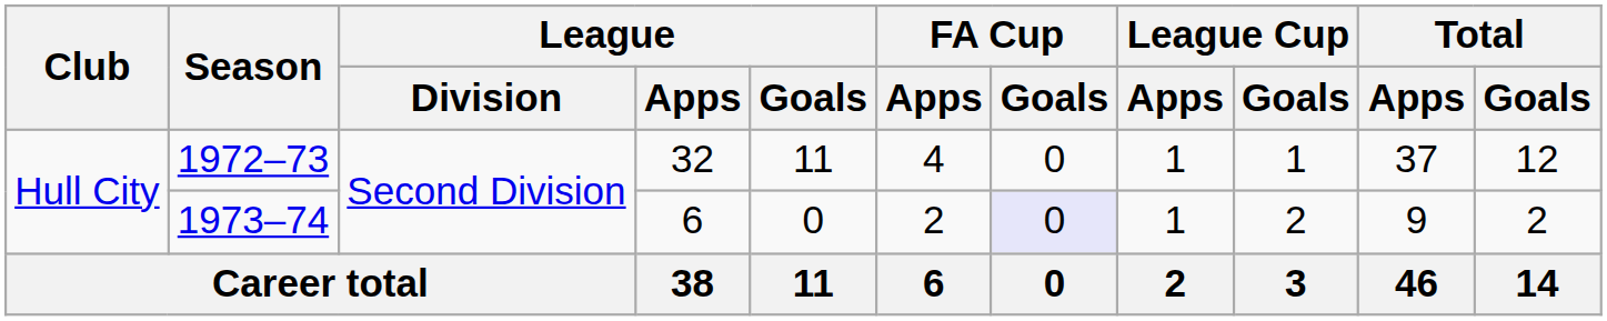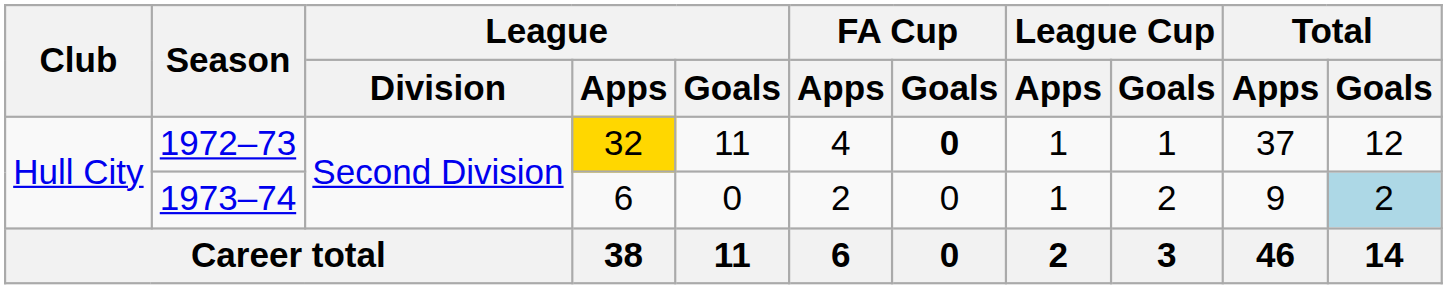 <table class="wikitable" style="text-align:center">
 <tr>
 <th rowspan="2">Club</th>
 <th rowspan="2">Season</th>
 <th colspan="3">League</th>
 <th colspan="2">FA Cup</th>
 <th colspan="2">League Cup</th>
 <th colspan="2">Total</th>
 </tr>
 <tr>
 <th>Division</th>
 <th>Apps</th>
 <th>Goals</th>
 <th>Apps</th>
 <th>Goals</th>
 <th>Apps</th>
 <th>Goals</th>
 <th>Apps</th>
 <th>Goals</th>
 </tr>
 <tr>
 <td rowspan="2"><a href='#'>Hull City</a></td>
 <td><a href='#'>1972–73</a></td>
 <td rowspan="2"><a href='#'>Second Division</a></td>
-<td>32</td>
+<td style="background: gold;">32</td>
 <td>11</td>
 <td>4</td>
-<td>0</td>
+<td><strong>0</strong></td>
 <td>1</td>
 <td>1</td>
 <td>37</td>
 <td>12</td>
 </tr>
 <tr>
 <td><a href='#'>1973–74</a></td>
 <td>6</td>
 <td>0</td>
 <td>2</td>
-<td style="background: lavender;">0</td>
+<td>0</td>
 <td>1</td>
 <td>2</td>
 <td>9</td>
-<td>2</td>
+<td style="background: lightblue;">2</td>
 </tr>
 <tr>
 <th colspan="3">Career total</th>
 <th>38</th>
 <th>11</th>
 <th>6</th>
 <th>0</th>
 <th>2</th>
 <th>3</th>
 <th>46</th>
 <th>14</th>
 </tr>
 </table>
